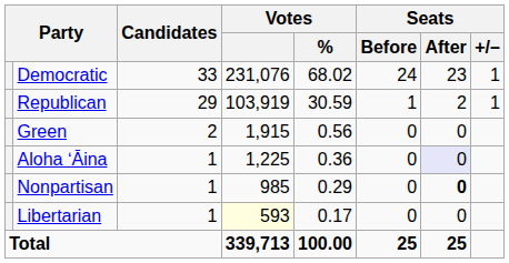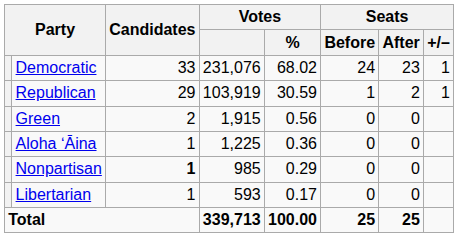 <table class="wikitable">
 <tr>
 <th rowspan="2" colspan="2">Party</th>
 <th rowspan="2">Candidates</th>
 <th colspan="2">Votes</th>
 <th colspan="3">Seats</th>
 </tr>
 <tr>
 <th></th>
 <th>%</th>
 <th>Before</th>
 <th>After</th>
 <th>+/–</th>
 </tr>
 <tr>
 <th style="background-color:"></th>
 <td><a href='#'>Democratic</a></td>
 <td align="right">33</td>
 <td align="right">231,076</td>
 <td align="right">68.02</td>
 <td align="right" >24</td>
 <td align="right" >23</td>
 <td align="right"> 1</td>
 </tr>
 <tr>
 <th style="background-color:"></th>
 <td><a href='#'>Republican</a></td>
 <td align="right">29</td>
 <td align="right">103,919</td>
 <td align="right">30.59</td>
 <td align="right">1</td>
 <td align="right">2</td>
 <td align="right" > 1</td>
 </tr>
 <tr>
 <th style="background-color:"></th>
 <td><a href='#'>Green</a></td>
 <td align="right">2</td>
 <td align="right">1,915</td>
 <td align="right">0.56</td>
 <td align="right">0</td>
 <td align="right">0</td>
 <td align="right"></td>
 </tr>
 <tr>
 <th style="background-color:"></th>
 <td><a href='#'>Aloha ʻĀina</a></td>
 <td align="right">1</td>
 <td align="right">1,225</td>
 <td align="right">0.36</td>
 <td align="right">0</td>
-<td align="right" style="background: lavender;">0</td>
+<td align="right">0</td>
 <td align="right"></td>
 </tr>
 <tr>
 <th style="background-color:"></th>
 <td><a href='#'>Nonpartisan</a></td>
-<td align="right">1</td>
+<td align="right"><strong>1</strong></td>
 <td align="right">985</td>
 <td align="right">0.29</td>
 <td align="right">0</td>
-<td align="right"><strong>0</strong></td>
+<td align="right">0</td>
 <td align="right"></td>
 </tr>
 <tr>
 <th style="background-color:"></th>
 <td><a href='#'>Libertarian</a></td>
 <td align="right">1</td>
-<td align="right" style="background: lightyellow;">593</td>
+<td align="right">593</td>
 <td align="right">0.17</td>
 <td align="right">0</td>
 <td align="right">0</td>
 <td align="right"></td>
 </tr>
 <tr>
 <td colspan="3" align="left"><strong>Total</strong></td>
 <td align="right"><strong>339,713</strong></td>
 <td align="right"><strong>100.00</strong></td>
 <td align="right"><strong>25</strong></td>
 <td align="right"><strong>25</strong></td>
 <td align="right"></td>
 </tr>
 </table>
